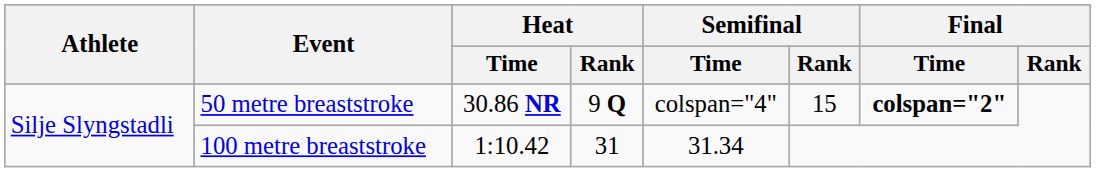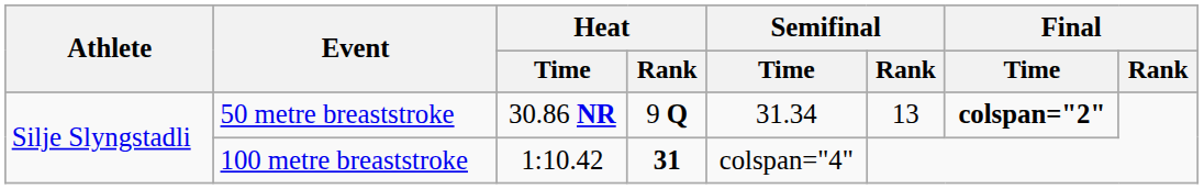 <table class="wikitable" style="text-align:center; font-size:90%; width:50%;">
 <tr>
 <th rowspan="2">Athlete</th>
 <th rowspan="2">Event</th>
 <th colspan="2">Heat</th>
 <th colspan="2">Semifinal</th>
 <th colspan="2">Final</th>
 </tr>
 <tr style="font-size:95%">
 <th>Time</th>
 <th>Rank</th>
 <th>Time</th>
 <th>Rank</th>
 <th>Time</th>
 <th>Rank</th>
 </tr>
 <tr align=center>
 <td align=left rowspan=2><a href='#'>Silje Slyngstadli</a></td>
 <td align=left><a href='#'>50 metre breaststroke</a></td>
 <td>30.86 <strong><a href='#'>NR</a></strong></td>
 <td>9 <strong>Q</strong></td>
-<td>colspan="4" </td>
-<td>15</td>
+<td>31.34</td>
+<td>13</td>
 <td><strong>colspan="2" </strong></td>
 </tr>
 <tr align=center>
 <td align=left><a href='#'>100 metre breaststroke</a></td>
 <td>1:10.42</td>
-<td>31</td>
-<td>31.34</td>
+<td><strong>31</strong></td>
+<td>colspan="4" </td>
 </tr>
 </table>
